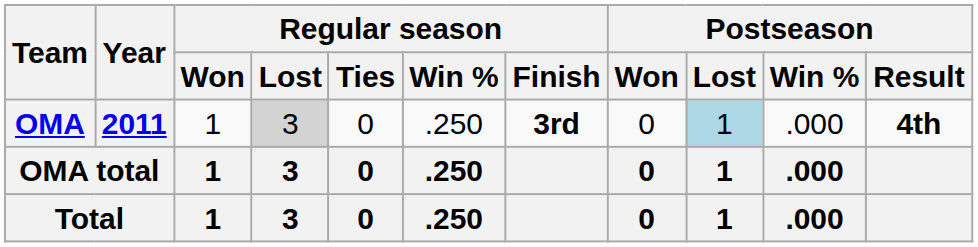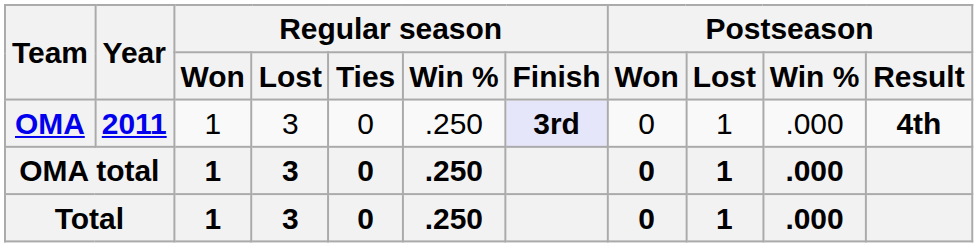 <table class="wikitable" style="font-size: 95%; text-align:center;">
 <tr>
 <th rowspan="2">Team</th>
 <th rowspan="2">Year</th>
 <th colspan="5">Regular season</th>
 <th colspan="4">Postseason</th>
 </tr>
 <tr>
 <th>Won</th>
 <th>Lost</th>
 <th>Ties</th>
 <th>Win %</th>
 <th>Finish</th>
 <th>Won</th>
 <th>Lost</th>
 <th>Win %</th>
 <th>Result</th>
 </tr>
 <tr>
 <th><a href='#'>OMA</a></th>
 <th><a href='#'>2011</a></th>
 <td>1</td>
-<td style="background: lightgrey;">3</td>
+<td>3</td>
 <td>0</td>
 <td>.250</td>
-<td><strong>3rd</strong></td>
+<td style="background: lavender;"><strong>3rd</strong></td>
 <td>0</td>
-<td style="background: lightblue;">1</td>
+<td>1</td>
 <td>.000</td>
 <td><strong>4th</strong></td>
 </tr>
 <tr>
 <th colspan="2">OMA total</th>
 <th>1</th>
 <th>3</th>
 <th>0</th>
 <th>.250</th>
 <th></th>
 <th>0</th>
 <th>1</th>
 <th>.000</th>
 <th></th>
 </tr>
 <tr>
 <th colspan="2">Total</th>
 <th>1</th>
 <th>3</th>
 <th>0</th>
 <th>.250</th>
 <th></th>
 <th>0</th>
 <th>1</th>
 <th>.000</th>
 <th></th>
 </tr>
 </table>
